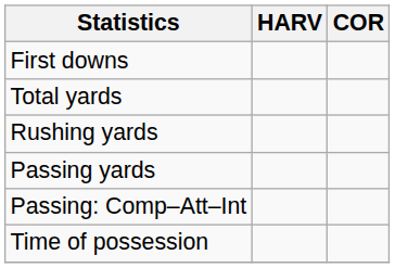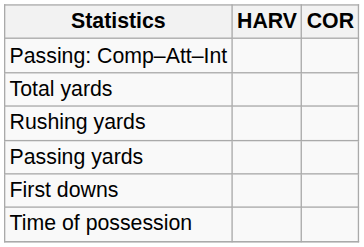 <table class="wikitable" style="float: left;">
 <tr>
 <th>Statistics</th>
 <th>HARV</th>
 <th>COR</th>
 </tr>
 <tr>
-<td>First downs</td>
+<td>Passing: Comp–Att–Int</td>
 <td></td>
 <td></td>
 </tr>
 <tr>
 <td>Total yards</td>
 <td></td>
 <td></td>
 </tr>
 <tr>
 <td>Rushing yards</td>
 <td></td>
 <td></td>
 </tr>
 <tr>
 <td>Passing yards</td>
 <td></td>
 <td></td>
 </tr>
 <tr>
-<td>Passing: Comp–Att–Int</td>
+<td>First downs</td>
 <td></td>
 <td></td>
 </tr>
 <tr>
 <td>Time of possession</td>
 <td></td>
 <td></td>
 </tr>
 <tr>
 </tr>
 </table>
